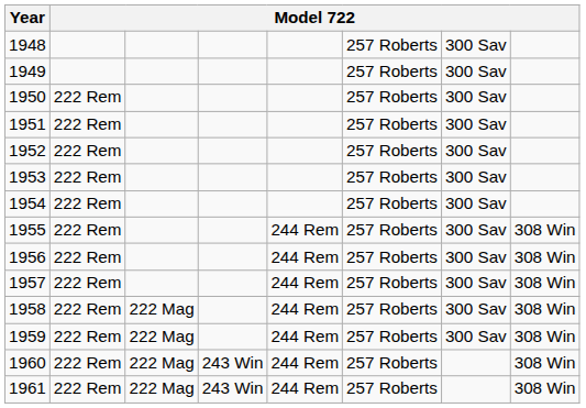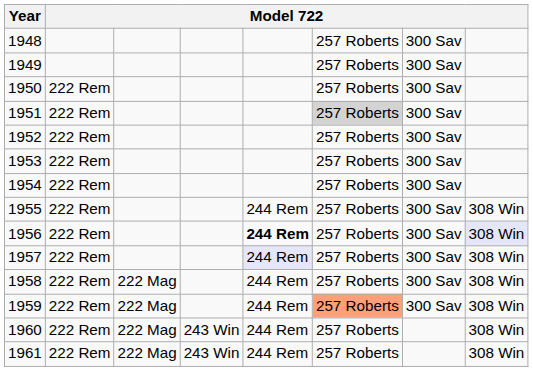 <table class="wikitable">
 <tr>
 <th>Year</th>
 <th colspan="7">Model 722</th>
 </tr>
 <tr>
 <td>1948</td>
 <td></td>
 <td></td>
 <td></td>
 <td></td>
 <td>257 Roberts</td>
 <td>300 Sav</td>
 <td></td>
 </tr>
 <tr>
 <td>1949</td>
 <td></td>
 <td></td>
 <td></td>
 <td></td>
 <td>257 Roberts</td>
 <td>300 Sav</td>
 <td></td>
 </tr>
 <tr>
 <td>1950</td>
 <td>222 Rem</td>
 <td></td>
 <td></td>
 <td></td>
 <td>257 Roberts</td>
 <td>300 Sav</td>
 <td></td>
 </tr>
 <tr>
 <td>1951</td>
 <td>222 Rem</td>
 <td></td>
 <td></td>
 <td></td>
-<td>257 Roberts</td>
+<td style="background: lightgrey;">257 Roberts</td>
 <td>300 Sav</td>
 <td></td>
 </tr>
 <tr>
 <td>1952</td>
 <td>222 Rem</td>
 <td></td>
 <td></td>
 <td></td>
 <td>257 Roberts</td>
 <td>300 Sav</td>
 <td></td>
 </tr>
 <tr>
 <td>1953</td>
 <td>222 Rem</td>
 <td></td>
 <td></td>
 <td></td>
 <td>257 Roberts</td>
 <td>300 Sav</td>
 <td></td>
 </tr>
 <tr>
 <td>1954</td>
 <td>222 Rem</td>
 <td></td>
 <td></td>
 <td></td>
 <td>257 Roberts</td>
 <td>300 Sav</td>
 <td></td>
 </tr>
 <tr>
 <td>1955</td>
 <td>222 Rem</td>
 <td></td>
 <td></td>
 <td>244 Rem</td>
 <td>257 Roberts</td>
 <td>300 Sav</td>
 <td>308 Win</td>
 </tr>
 <tr>
 <td>1956</td>
 <td>222 Rem</td>
 <td></td>
 <td></td>
-<td>244 Rem</td>
+<td><strong>244 Rem</strong></td>
 <td>257 Roberts</td>
 <td>300 Sav</td>
-<td>308 Win</td>
+<td style="background: lavender;">308 Win</td>
 </tr>
 <tr>
 <td>1957</td>
 <td>222 Rem</td>
 <td></td>
 <td></td>
-<td>244 Rem</td>
+<td style="background: lavender;">244 Rem</td>
 <td>257 Roberts</td>
 <td>300 Sav</td>
 <td>308 Win</td>
 </tr>
 <tr>
 <td>1958</td>
 <td>222 Rem</td>
 <td>222 Mag</td>
 <td></td>
 <td>244 Rem</td>
 <td>257 Roberts</td>
 <td>300 Sav</td>
 <td>308 Win</td>
 </tr>
 <tr>
 <td>1959</td>
 <td>222 Rem</td>
 <td>222 Mag</td>
 <td></td>
 <td>244 Rem</td>
-<td>257 Roberts</td>
+<td style="background: lightsalmon;">257 Roberts</td>
 <td>300 Sav</td>
 <td>308 Win</td>
 </tr>
 <tr>
 <td>1960</td>
 <td>222 Rem</td>
 <td>222 Mag</td>
 <td>243 Win</td>
 <td>244 Rem</td>
 <td>257 Roberts</td>
 <td></td>
 <td>308 Win</td>
 </tr>
 <tr>
 <td>1961</td>
 <td>222 Rem</td>
 <td>222 Mag</td>
 <td>243 Win</td>
 <td>244 Rem</td>
 <td>257 Roberts</td>
 <td></td>
 <td>308 Win</td>
 </tr>
 </table>
